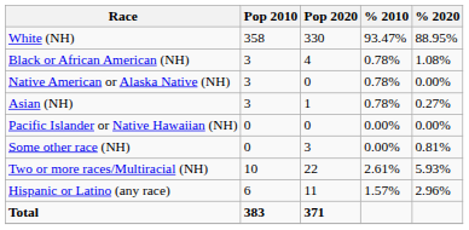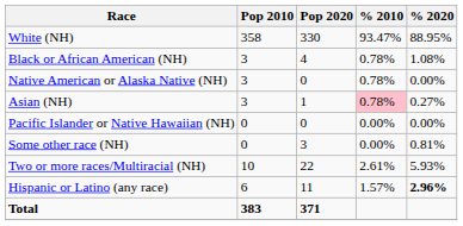 <table class="wikitable">
 <tr>
 <th>Race</th>
 <th>Pop 2010</th>
 <th>Pop 2020</th>
 <th>% 2010</th>
 <th>% 2020</th>
 </tr>
 <tr>
 <td><a href='#'>White</a> (NH)</td>
 <td>358</td>
 <td>330</td>
 <td>93.47%</td>
 <td>88.95%</td>
 </tr>
 <tr>
 <td><a href='#'>Black or African American</a> (NH)</td>
 <td>3</td>
 <td>4</td>
 <td>0.78%</td>
 <td>1.08%</td>
 </tr>
 <tr>
 <td><a href='#'>Native American</a> or <a href='#'>Alaska Native</a> (NH)</td>
 <td>3</td>
 <td>0</td>
 <td>0.78%</td>
 <td>0.00%</td>
 </tr>
 <tr>
 <td><a href='#'>Asian</a> (NH)</td>
 <td>3</td>
 <td>1</td>
-<td>0.78%</td>
+<td style="background: pink;">0.78%</td>
 <td>0.27%</td>
 </tr>
 <tr>
 <td><a href='#'>Pacific Islander</a> or <a href='#'>Native Hawaiian</a> (NH)</td>
 <td>0</td>
 <td>0</td>
 <td>0.00%</td>
 <td>0.00%</td>
 </tr>
 <tr>
 <td><a href='#'>Some other race</a> (NH)</td>
 <td>0</td>
 <td>3</td>
 <td>0.00%</td>
 <td>0.81%</td>
 </tr>
 <tr>
 <td><a href='#'>Two or more races/Multiracial</a> (NH)</td>
 <td>10</td>
 <td>22</td>
 <td>2.61%</td>
 <td>5.93%</td>
 </tr>
 <tr>
 <td><a href='#'>Hispanic or Latino</a> (any race)</td>
 <td>6</td>
 <td>11</td>
 <td>1.57%</td>
-<td>2.96%</td>
+<td><strong>2.96%</strong></td>
 </tr>
 <tr>
 <td><strong>Total</strong></td>
 <td><strong>383</strong></td>
 <td><strong>371</strong></td>
 <td></td>
 <td></td>
 </tr>
 <tr>
 </tr>
 </table>
